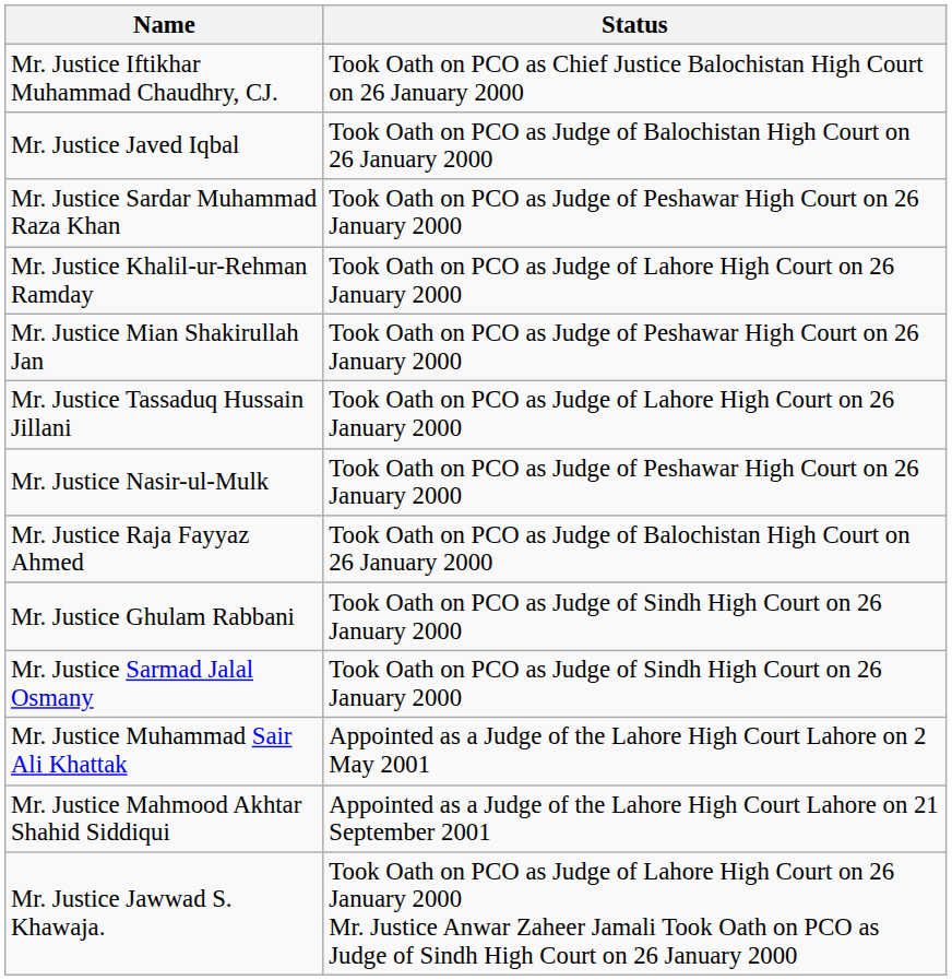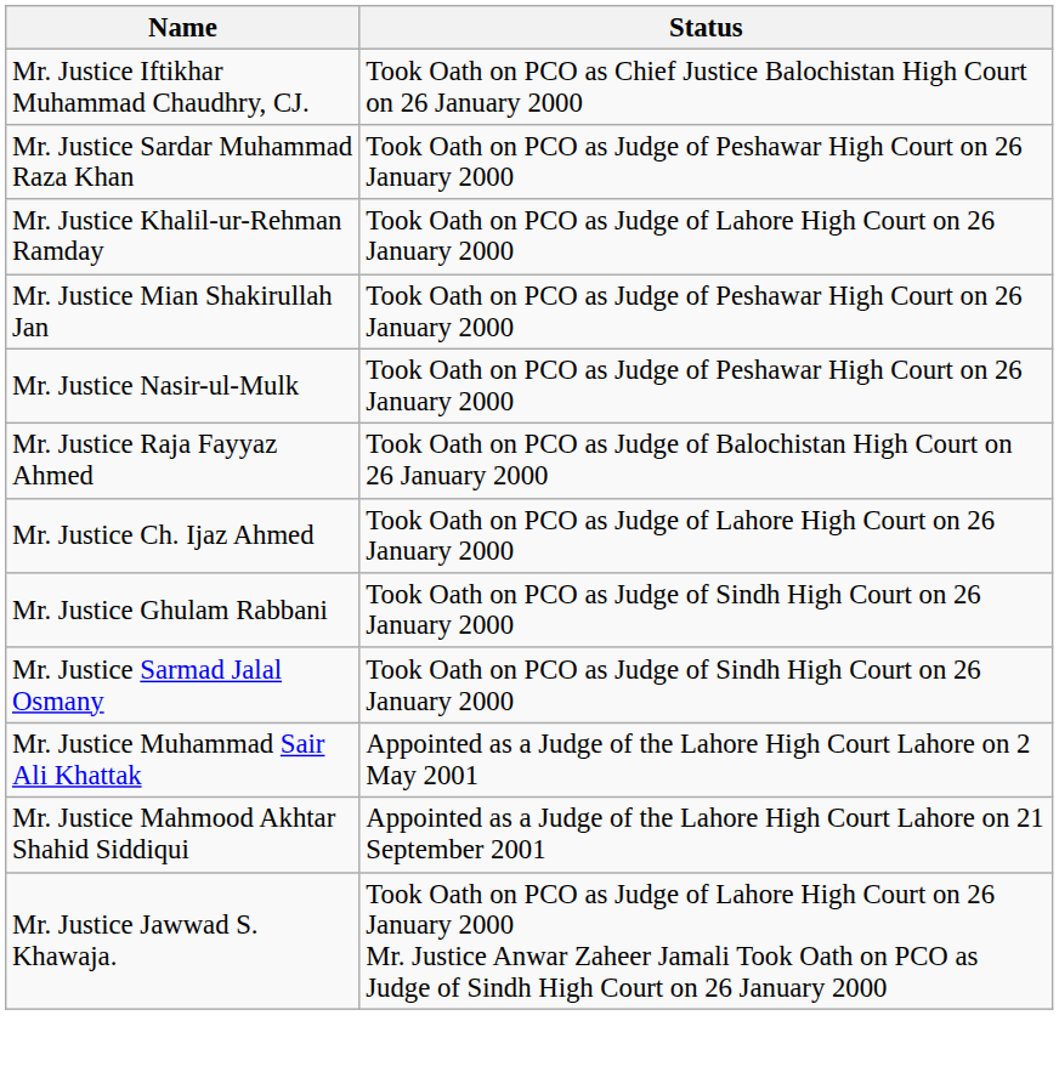 <table class="wikitable">
 <tr>
 <th>Name</th>
 <th>Status</th>
 </tr>
 <tr>
 <td>Mr. Justice Iftikhar Muhammad Chaudhry, CJ.</td>
 <td>Took Oath on PCO as Chief Justice Balochistan High Court on 26 January 2000</td>
-</tr>
-<tr>
-<td>Mr. Justice Javed Iqbal</td>
-<td>Took Oath on PCO as Judge of Balochistan High Court on 26 January 2000</td>
 </tr>
 <tr>
 <td>Mr. Justice Sardar Muhammad Raza Khan</td>
 <td>Took Oath on PCO as Judge of Peshawar High Court on 26 January 2000</td>
 </tr>
 <tr>
 <td>Mr. Justice Khalil-ur-Rehman Ramday</td>
 <td>Took Oath on PCO as Judge of Lahore High Court on 26 January 2000</td>
 </tr>
 <tr>
 <td>Mr. Justice Mian Shakirullah Jan</td>
 <td>Took Oath on PCO as Judge of Peshawar High Court on 26 January 2000</td>
 </tr>
 <tr>
-<td>Mr. Justice Tassaduq Hussain Jillani</td>
-<td>Took Oath on PCO as Judge of Lahore High Court on 26 January 2000</td>
-</tr>
-<tr>
 <td>Mr. Justice Nasir-ul-Mulk</td>
 <td>Took Oath on PCO as Judge of Peshawar High Court on 26 January 2000</td>
 </tr>
 <tr>
 <td>Mr. Justice Raja Fayyaz Ahmed</td>
 <td>Took Oath on PCO as Judge of Balochistan High Court on 26 January 2000</td>
+</tr>
+<tr>
+<td>Mr. Justice Ch. Ijaz Ahmed</td>
+<td>Took Oath on PCO as Judge of Lahore High Court on 26 January 2000</td>
 </tr>
 <tr>
 <td>Mr. Justice Ghulam Rabbani</td>
 <td>Took Oath on PCO as Judge of Sindh High Court on 26 January 2000</td>
 </tr>
 <tr>
 <td>Mr. Justice <a href='#'>Sarmad Jalal Osmany</a></td>
 <td>Took Oath on PCO as Judge of Sindh High Court on 26 January 2000</td>
 </tr>
 <tr>
 <td>Mr. Justice Muhammad <a href='#'>Sair Ali Khattak</a></td>
 <td>Appointed as a Judge of the Lahore High Court Lahore on 2 May 2001</td>
 </tr>
 <tr>
 <td>Mr. Justice Mahmood Akhtar Shahid Siddiqui</td>
 <td>Appointed as a Judge of the Lahore High Court Lahore on 21 September 2001</td>
 </tr>
 <tr>
 <td>Mr. Justice Jawwad S. Khawaja.</td>
 <td>Took Oath on PCO as Judge of Lahore High Court on 26 January 2000<br>Mr. Justice Anwar Zaheer Jamali Took Oath on PCO as Judge of Sindh High Court on 26 January 2000</td>
 </tr>
 </table>
